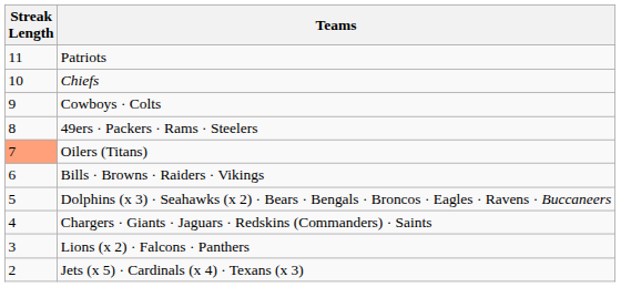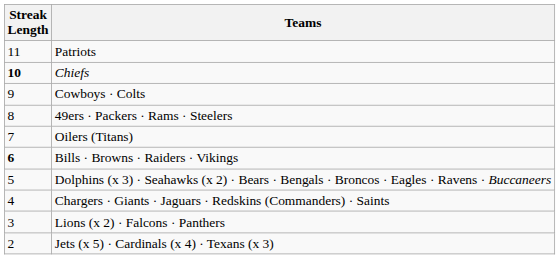 <table class="wikitable">
 <tr>
 <th><strong>Streak<br> Length</strong></th>
 <th><strong>Teams</strong></th>
 </tr>
 <tr>
 <td>11</td>
 <td>Patriots</td>
 </tr>
 <tr>
-<td>10</td>
+<td><strong>10</strong></td>
 <td><em>Chiefs</em></td>
 </tr>
 <tr>
 <td>9</td>
 <td>Cowboys · Colts</td>
 </tr>
 <tr>
 <td>8</td>
 <td>49ers · Packers · Rams · Steelers</td>
 </tr>
 <tr>
-<td style="background: lightsalmon;">7</td>
+<td>7</td>
 <td>Oilers (Titans)</td>
 </tr>
 <tr>
-<td>6</td>
+<td><strong>6</strong></td>
 <td>Bills · Browns · Raiders · Vikings</td>
 </tr>
 <tr>
 <td>5</td>
 <td>Dolphins (x 3) · Seahawks (x 2) · Bears · Bengals · Broncos · Eagles · Ravens · <em>Buccaneers</em></td>
 </tr>
 <tr>
 <td>4</td>
 <td>Chargers · Giants · Jaguars · Redskins (Commanders) · Saints</td>
 </tr>
 <tr>
 <td>3</td>
 <td>Lions (x 2) · Falcons · Panthers</td>
 </tr>
 <tr>
 <td>2</td>
 <td>Jets (x 5) · Cardinals (x 4) · Texans (x 3)</td>
 </tr>
 </table>
